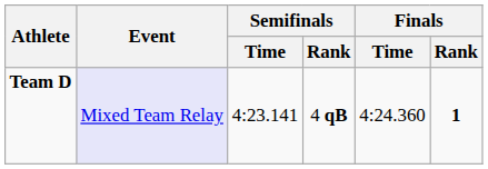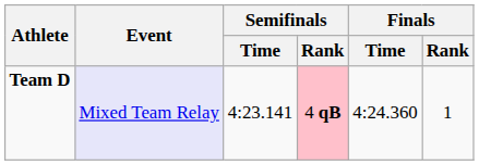 <table class="wikitable" style="font-size:90%;">
 <tr>
 <th rowspan=2>Athlete</th>
 <th rowspan=2>Event</th>
 <th colspan=2>Semifinals</th>
 <th colspan=2>Finals</th>
 </tr>
 <tr>
 <th>Time</th>
 <th>Rank</th>
 <th>Time</th>
 <th>Rank</th>
 </tr>
 <tr>
 <td><strong>Team D</strong><br><br><br><br></td>
 <td style="background: lavender;"><a href='#'>Mixed Team Relay</a></td>
 <td align=center>4:23.141</td>
-<td align=center>4 <strong>qB</strong></td>
+<td align=center style="background: pink;">4 <strong>qB</strong></td>
 <td align=center>4:24.360</td>
-<td align=center><strong>1</strong></td>
+<td align=center>1</td>
 </tr>
 </table>
